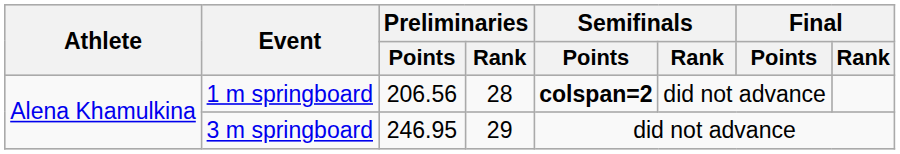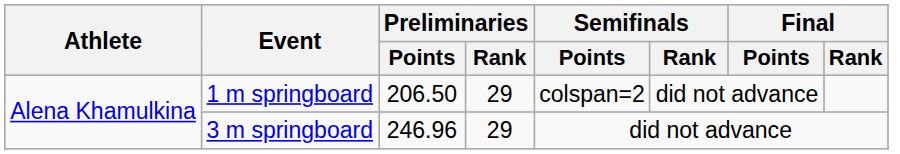 <table class="wikitable" style="text-align:center; font-size:90%">
 <tr>
 <th rowspan=2>Athlete</th>
 <th rowspan=2>Event</th>
 <th colspan=2>Preliminaries</th>
 <th colspan=2>Semifinals</th>
 <th colspan=2>Final</th>
 </tr>
 <tr style="font-size:95%">
 <th>Points</th>
 <th>Rank</th>
 <th>Points</th>
 <th>Rank</th>
 <th>Points</th>
 <th>Rank</th>
 </tr>
 <tr>
 <td align=left rowspan=2><a href='#'>Alena Khamulkina</a></td>
 <td align=left><a href='#'>1 m springboard</a></td>
-<td>206.56</td>
-<td>28</td>
-<td><strong>colspan=2 </strong></td>
+<td>206.50</td>
+<td>29</td>
+<td>colspan=2 </td>
 <td colspan=2>did not advance</td>
 </tr>
 <tr>
 <td align=left><a href='#'>3 m springboard</a></td>
-<td>246.95</td>
+<td>246.96</td>
 <td>29</td>
 <td colspan=4>did not advance</td>
 </tr>
 </table>
